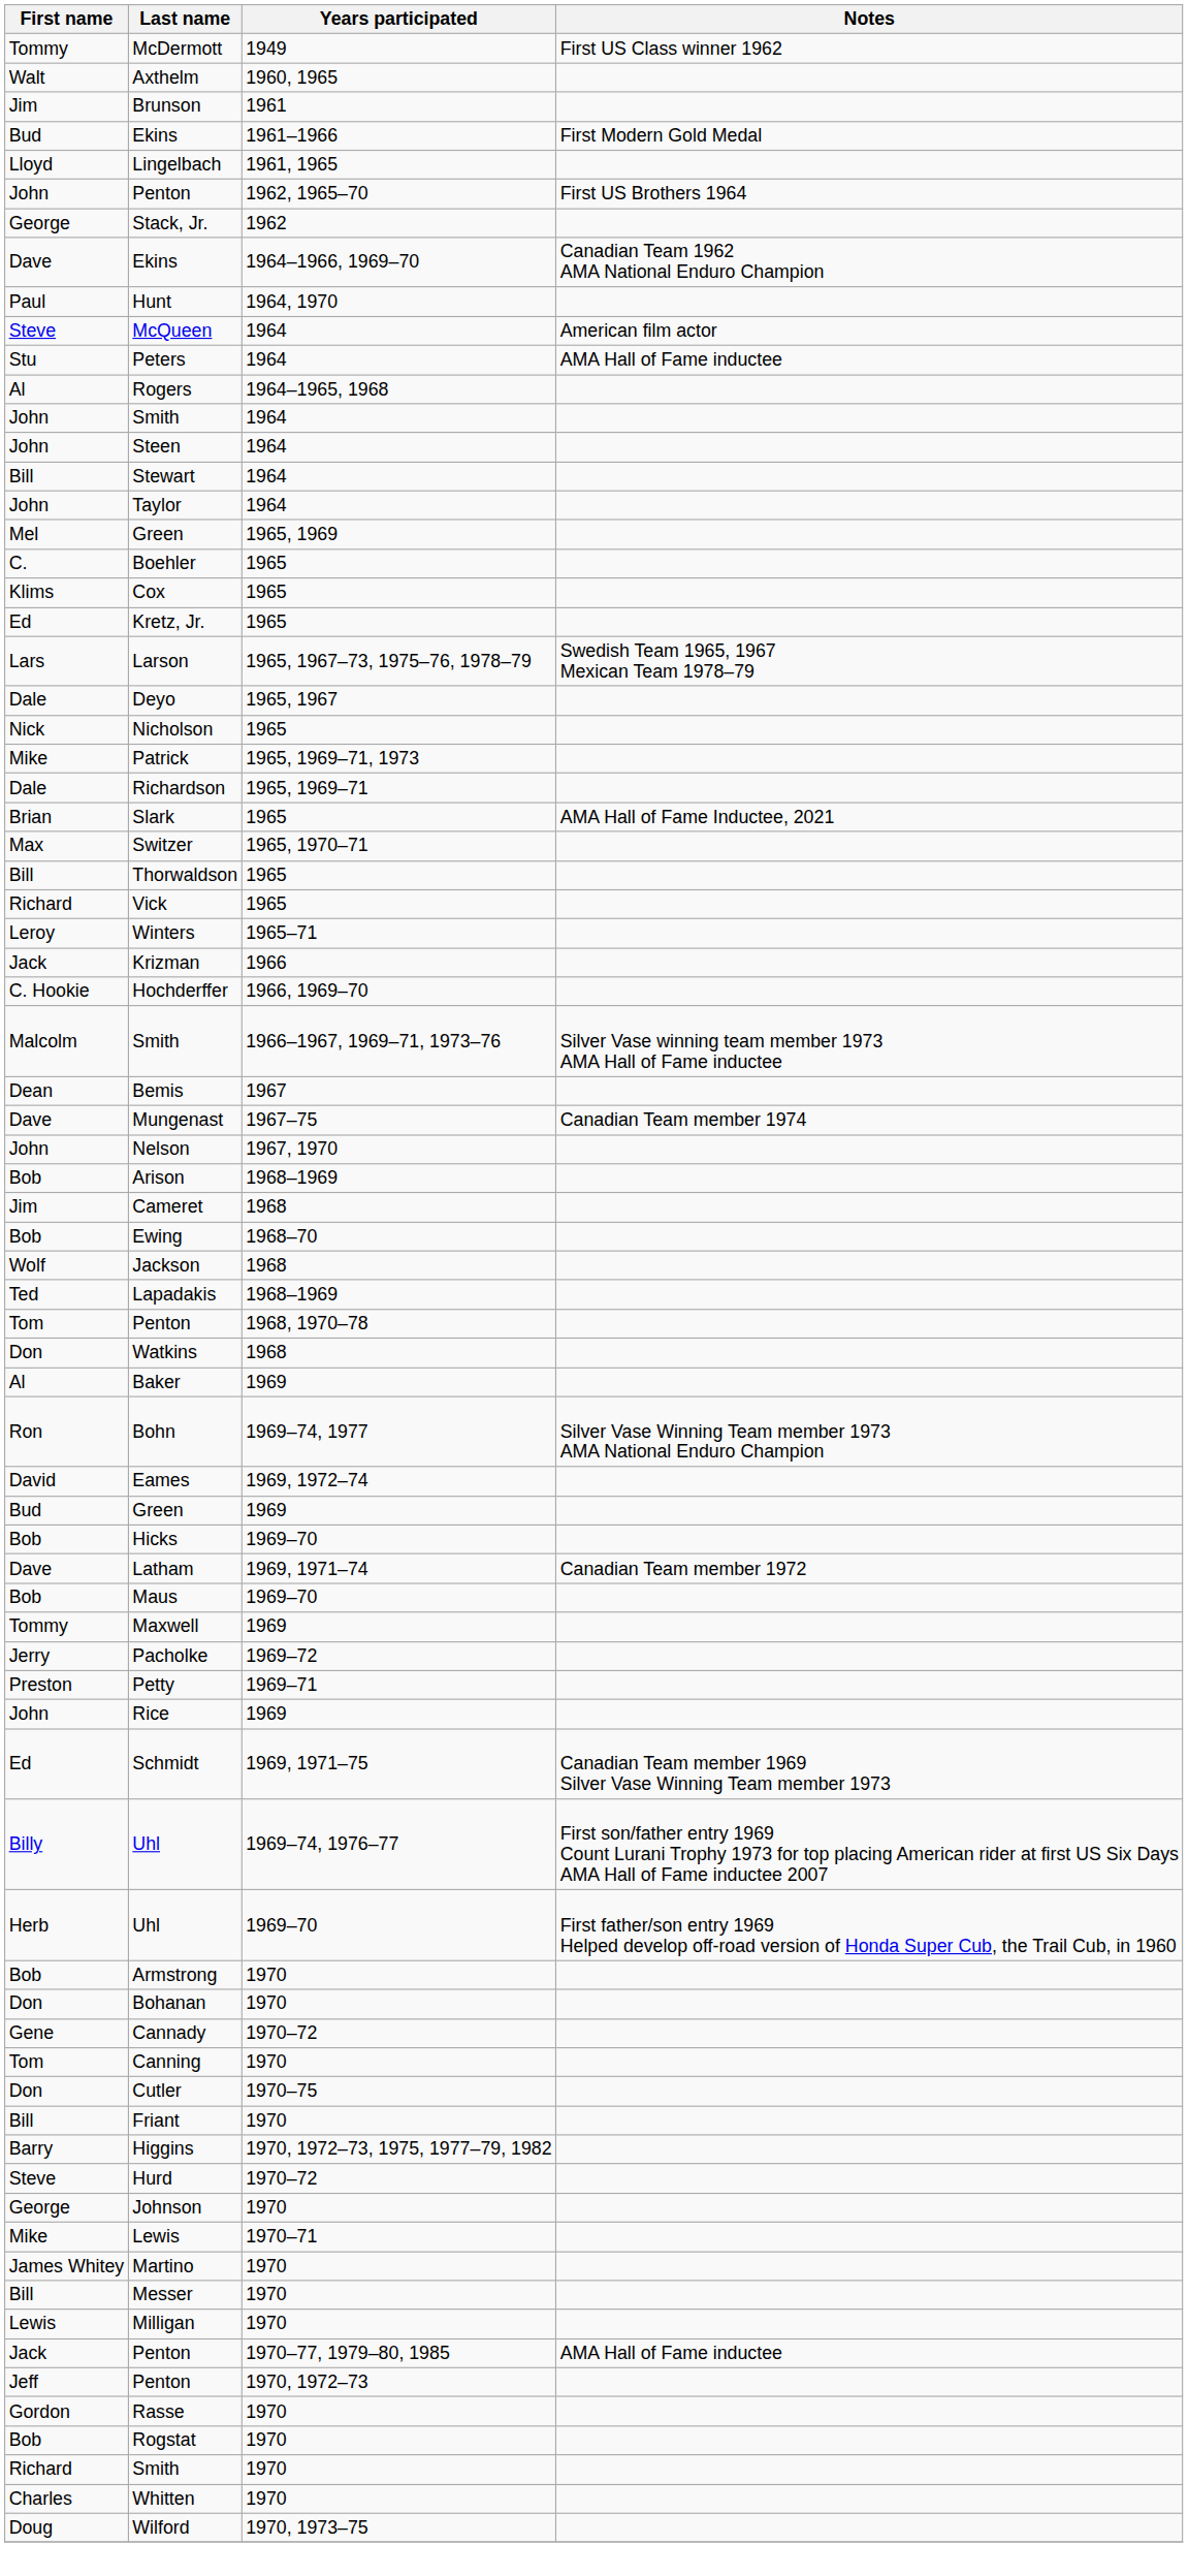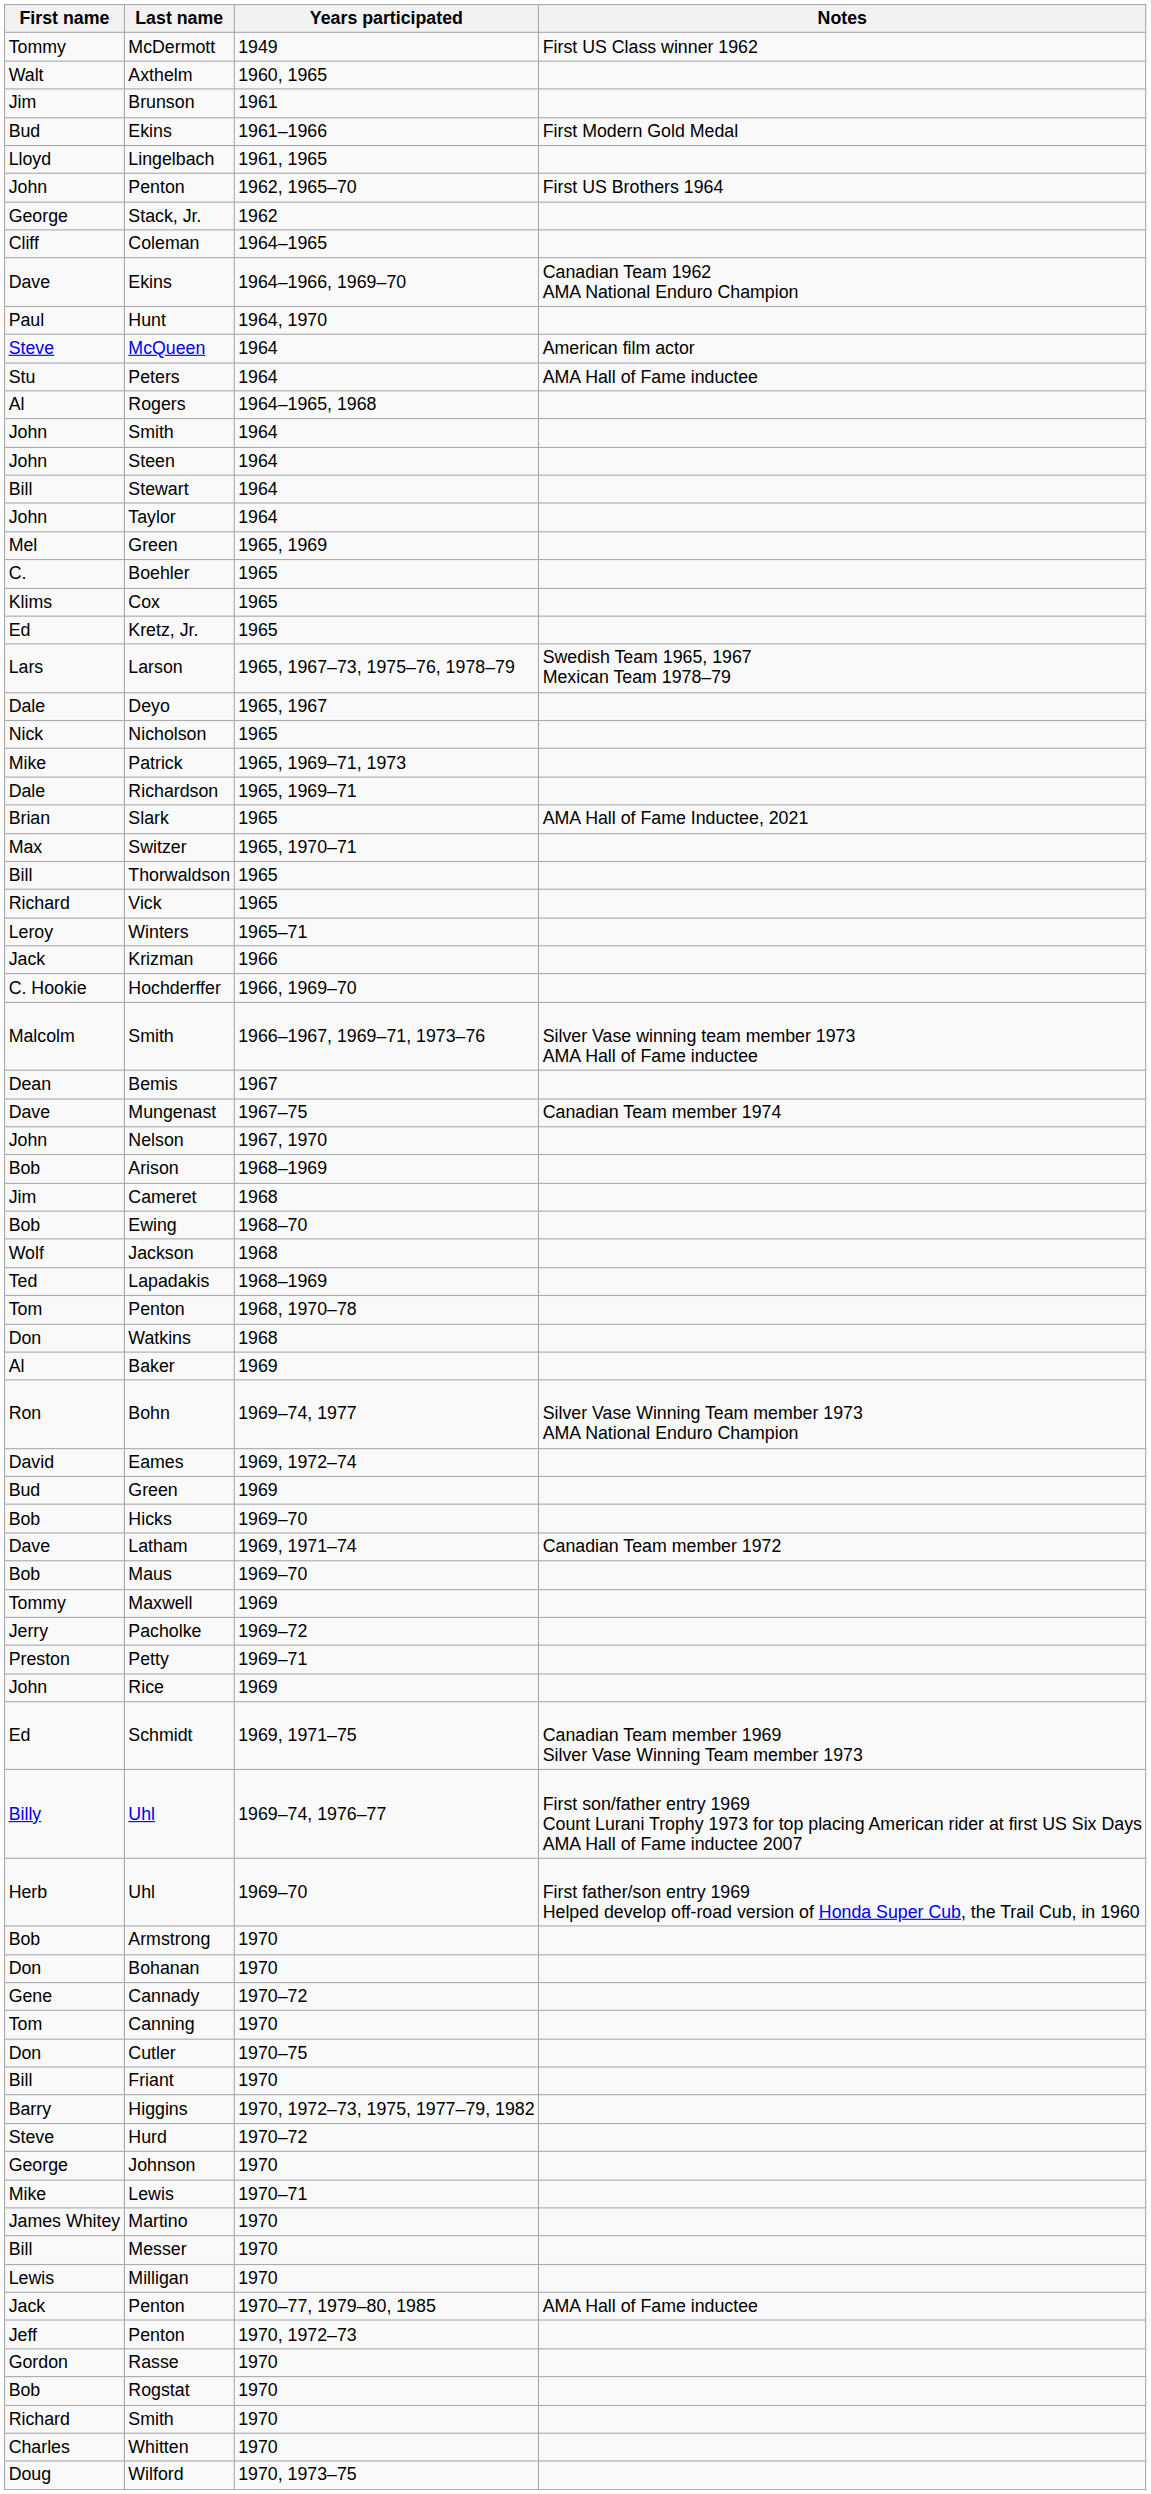 <table class="wikitable sortable">
 <tr>
 <th>First name</th>
 <th>Last name</th>
 <th>Years participated</th>
 <th>Notes</th>
 </tr>
 <tr>
 <td>Tommy</td>
 <td>McDermott</td>
 <td>1949</td>
 <td>First US Class winner 1962</td>
 </tr>
 <tr>
 <td>Walt</td>
 <td>Axthelm</td>
 <td>1960, 1965</td>
 <td></td>
 </tr>
 <tr>
 <td>Jim</td>
 <td>Brunson</td>
 <td>1961</td>
 <td></td>
 </tr>
 <tr>
 <td>Bud</td>
 <td>Ekins</td>
 <td>1961–1966</td>
 <td>First Modern Gold Medal</td>
 </tr>
 <tr>
 <td>Lloyd</td>
 <td>Lingelbach</td>
 <td>1961, 1965</td>
 <td></td>
 </tr>
 <tr>
 <td>John</td>
 <td>Penton</td>
 <td>1962, 1965–70</td>
 <td>First US Brothers 1964</td>
 </tr>
 <tr>
 <td>George</td>
 <td>Stack, Jr.</td>
 <td>1962</td>
+<td></td>
+</tr>
+<tr>
+<td>Cliff</td>
+<td>Coleman</td>
+<td>1964–1965</td>
 <td></td>
 </tr>
 <tr>
 <td>Dave</td>
 <td>Ekins</td>
 <td>1964–1966, 1969–70</td>
 <td>Canadian Team 1962<br>AMA National Enduro Champion</td>
 </tr>
 <tr>
 <td>Paul</td>
 <td>Hunt</td>
 <td>1964, 1970</td>
 <td></td>
 </tr>
 <tr>
 <td><a href='#'>Steve</a></td>
 <td><a href='#'>McQueen</a></td>
 <td>1964</td>
 <td>American film actor</td>
 </tr>
 <tr>
 <td>Stu</td>
 <td>Peters</td>
 <td>1964</td>
 <td>AMA Hall of Fame inductee</td>
 </tr>
 <tr>
 <td>Al</td>
 <td>Rogers</td>
 <td>1964–1965, 1968</td>
 <td></td>
 </tr>
 <tr>
 <td>John</td>
 <td>Smith</td>
 <td>1964</td>
 <td></td>
 </tr>
 <tr>
 <td>John</td>
 <td>Steen</td>
 <td>1964</td>
 <td></td>
 </tr>
 <tr>
 <td>Bill</td>
 <td>Stewart</td>
 <td>1964</td>
 <td></td>
 </tr>
 <tr>
 <td>John</td>
 <td>Taylor</td>
 <td>1964</td>
 <td></td>
 </tr>
 <tr>
 <td>Mel</td>
 <td>Green</td>
 <td>1965, 1969</td>
 <td></td>
 </tr>
 <tr>
 <td>C.</td>
 <td>Boehler</td>
 <td>1965</td>
 <td></td>
 </tr>
 <tr>
 <td>Klims</td>
 <td>Cox</td>
 <td>1965</td>
 <td></td>
 </tr>
 <tr>
 <td>Ed</td>
 <td>Kretz, Jr.</td>
 <td>1965</td>
 <td></td>
 </tr>
 <tr>
 <td>Lars</td>
 <td>Larson</td>
 <td>1965, 1967–73, 1975–76, 1978–79</td>
 <td>Swedish Team 1965, 1967<br>Mexican Team 1978–79</td>
 </tr>
 <tr>
 <td>Dale</td>
 <td>Deyo</td>
 <td>1965, 1967</td>
 <td></td>
 </tr>
 <tr>
 <td>Nick</td>
 <td>Nicholson</td>
 <td>1965</td>
 <td></td>
 </tr>
 <tr>
 <td>Mike</td>
 <td>Patrick</td>
 <td>1965, 1969–71, 1973</td>
 <td></td>
 </tr>
 <tr>
 <td>Dale</td>
 <td>Richardson</td>
 <td>1965, 1969–71</td>
 <td></td>
 </tr>
 <tr>
 <td>Brian</td>
 <td>Slark</td>
 <td>1965</td>
 <td>AMA Hall of Fame Inductee, 2021 </td>
 </tr>
 <tr>
 <td>Max</td>
 <td>Switzer</td>
 <td>1965, 1970–71</td>
 <td></td>
 </tr>
 <tr>
 <td>Bill</td>
 <td>Thorwaldson</td>
 <td>1965</td>
 <td></td>
 </tr>
 <tr>
 <td>Richard</td>
 <td>Vick</td>
 <td>1965</td>
 <td></td>
 </tr>
 <tr>
 <td>Leroy</td>
 <td>Winters</td>
 <td>1965–71</td>
 <td></td>
 </tr>
 <tr>
 <td>Jack</td>
 <td>Krizman</td>
 <td>1966</td>
 <td></td>
 </tr>
 <tr>
 <td>C. Hookie</td>
 <td>Hochderffer</td>
 <td>1966, 1969–70</td>
 <td></td>
 </tr>
 <tr>
 <td>Malcolm</td>
 <td>Smith</td>
 <td>1966–1967, 1969–71, 1973–76</td>
 <td><br>Silver Vase winning team member 1973<br> AMA Hall of Fame inductee</td>
 </tr>
 <tr>
 <td>Dean</td>
 <td>Bemis</td>
 <td>1967</td>
 <td></td>
 </tr>
 <tr>
 <td>Dave</td>
 <td>Mungenast</td>
 <td>1967–75</td>
 <td>Canadian Team member 1974</td>
 </tr>
 <tr>
 <td>John</td>
 <td>Nelson</td>
 <td>1967, 1970</td>
 <td></td>
 </tr>
 <tr>
 <td>Bob</td>
 <td>Arison</td>
 <td>1968–1969</td>
 <td></td>
 </tr>
 <tr>
 <td>Jim</td>
 <td>Cameret</td>
 <td>1968</td>
 <td></td>
 </tr>
 <tr>
 <td>Bob</td>
 <td>Ewing</td>
 <td>1968–70</td>
 <td></td>
 </tr>
 <tr>
 <td>Wolf</td>
 <td>Jackson</td>
 <td>1968</td>
 <td></td>
 </tr>
 <tr>
 <td>Ted</td>
 <td>Lapadakis</td>
 <td>1968–1969</td>
 <td></td>
 </tr>
 <tr>
 <td>Tom</td>
 <td>Penton</td>
 <td>1968, 1970–78</td>
 <td></td>
 </tr>
 <tr>
 <td>Don</td>
 <td>Watkins</td>
 <td>1968</td>
 <td></td>
 </tr>
 <tr>
 <td>Al</td>
 <td>Baker</td>
 <td>1969</td>
 <td></td>
 </tr>
 <tr>
 <td>Ron</td>
 <td>Bohn</td>
 <td>1969–74, 1977</td>
 <td><br>Silver Vase Winning Team member 1973<br> AMA National Enduro Champion</td>
 </tr>
 <tr>
 <td>David</td>
 <td>Eames</td>
 <td>1969, 1972–74</td>
 <td></td>
 </tr>
 <tr>
 <td>Bud</td>
 <td>Green</td>
 <td>1969</td>
 <td></td>
 </tr>
 <tr>
 <td>Bob</td>
 <td>Hicks</td>
 <td>1969–70</td>
 <td></td>
 </tr>
 <tr>
 <td>Dave</td>
 <td>Latham</td>
 <td>1969, 1971–74</td>
 <td>Canadian Team member 1972</td>
 </tr>
 <tr>
 <td>Bob</td>
 <td>Maus</td>
 <td>1969–70</td>
 <td></td>
 </tr>
 <tr>
 <td>Tommy</td>
 <td>Maxwell</td>
 <td>1969</td>
 <td></td>
 </tr>
 <tr>
 <td>Jerry</td>
 <td>Pacholke</td>
 <td>1969–72</td>
 <td></td>
 </tr>
 <tr>
 <td>Preston</td>
 <td>Petty</td>
 <td>1969–71</td>
 <td></td>
 </tr>
 <tr>
 <td>John</td>
 <td>Rice</td>
 <td>1969</td>
 <td></td>
 </tr>
 <tr>
 <td>Ed</td>
 <td>Schmidt</td>
 <td>1969, 1971–75</td>
 <td><br>Canadian Team member 1969<br> Silver Vase Winning Team member 1973</td>
 </tr>
 <tr>
 <td><a href='#'>Billy</a></td>
 <td><a href='#'>Uhl</a></td>
 <td>1969–74, 1976–77</td>
 <td><br>First son/father entry 1969<br> Count Lurani Trophy 1973 for top placing American rider at first US Six Days<br> AMA Hall of Fame inductee 2007</td>
 </tr>
 <tr>
 <td>Herb</td>
 <td>Uhl</td>
 <td>1969–70</td>
 <td><br>First father/son entry 1969<br> Helped develop off-road version of <a href='#'>Honda Super Cub</a>, the Trail Cub, in 1960</td>
 </tr>
 <tr>
 <td>Bob</td>
 <td>Armstrong</td>
 <td>1970</td>
 <td></td>
 </tr>
 <tr>
 <td>Don</td>
 <td>Bohanan</td>
 <td>1970</td>
 <td></td>
 </tr>
 <tr>
 <td>Gene</td>
 <td>Cannady</td>
 <td>1970–72</td>
 <td></td>
 </tr>
 <tr>
 <td>Tom</td>
 <td>Canning</td>
 <td>1970</td>
 <td></td>
 </tr>
 <tr>
 <td>Don</td>
 <td>Cutler</td>
 <td>1970–75</td>
 <td></td>
 </tr>
 <tr>
 <td>Bill</td>
 <td>Friant</td>
 <td>1970</td>
 <td></td>
 </tr>
 <tr>
 <td>Barry</td>
 <td>Higgins</td>
 <td>1970, 1972–73, 1975, 1977–79, 1982</td>
 <td></td>
 </tr>
 <tr>
 <td>Steve</td>
 <td>Hurd</td>
 <td>1970–72</td>
 <td></td>
 </tr>
 <tr>
 <td>George</td>
 <td>Johnson</td>
 <td>1970</td>
 <td></td>
 </tr>
 <tr>
 <td>Mike</td>
 <td>Lewis</td>
 <td>1970–71</td>
 <td></td>
 </tr>
 <tr>
 <td>James Whitey</td>
 <td>Martino</td>
 <td>1970</td>
 <td></td>
 </tr>
 <tr>
 <td>Bill</td>
 <td>Messer</td>
 <td>1970</td>
 <td></td>
 </tr>
 <tr>
 <td>Lewis</td>
 <td>Milligan</td>
 <td>1970</td>
 <td></td>
 </tr>
 <tr>
 <td>Jack</td>
 <td>Penton</td>
 <td>1970–77, 1979–80, 1985</td>
 <td>AMA Hall of Fame inductee</td>
 </tr>
 <tr>
 <td>Jeff</td>
 <td>Penton</td>
 <td>1970, 1972–73</td>
 <td></td>
 </tr>
 <tr>
 <td>Gordon</td>
 <td>Rasse</td>
 <td>1970</td>
 <td></td>
 </tr>
 <tr>
 <td>Bob</td>
 <td>Rogstat</td>
 <td>1970</td>
 <td></td>
 </tr>
 <tr>
 <td>Richard</td>
 <td>Smith</td>
 <td>1970</td>
 <td></td>
 </tr>
 <tr>
 <td>Charles</td>
 <td>Whitten</td>
 <td>1970</td>
 <td></td>
 </tr>
 <tr>
 <td>Doug</td>
 <td>Wilford</td>
 <td>1970, 1973–75</td>
 <td></td>
 </tr>
 <tr>
 </tr>
 </table>
